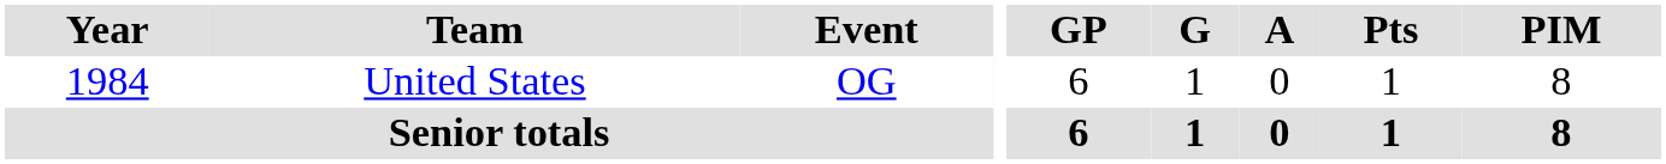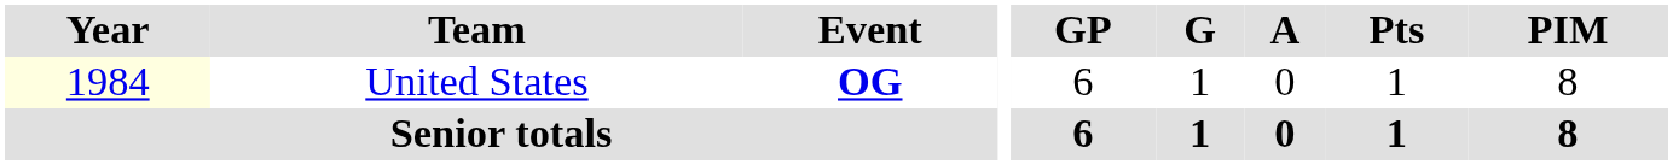 <table border="0" cellpadding="1" cellspacing="0" ID="Table3" style="text-align:center; width:40em">
 <tr ALIGN="center" bgcolor="#e0e0e0">
 <th>Year</th>
 <th>Team</th>
 <th>Event</th>
 <th rowspan="99" bgcolor="#ffffff"></th>
 <th>GP</th>
 <th>G</th>
 <th>A</th>
 <th>Pts</th>
 <th>PIM</th>
 </tr>
 <tr>
-<td><a href='#'>1984</a></td>
+<td style="background: lightyellow;"><a href='#'>1984</a></td>
 <td><a href='#'>United States</a></td>
-<td><a href='#'>OG</a></td>
+<td><strong><a href='#'>OG</a></strong></td>
 <td>6</td>
 <td>1</td>
 <td>0</td>
 <td>1</td>
 <td>8</td>
 </tr>
 <tr bgcolor="#e0e0e0">
 <th colspan="3">Senior totals</th>
 <th>6</th>
 <th>1</th>
 <th>0</th>
 <th>1</th>
 <th>8</th>
 </tr>
 </table>
